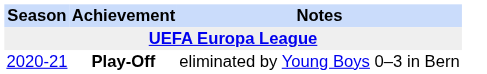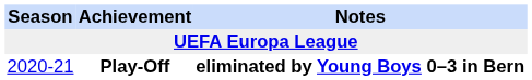 <table class="toccolours" border="0" cellpadding="2" cellspacing="0" align="left" style="margin:0.5em;">
 <tr bgcolor=#cadcfb>
 <th>Season</th>
 <th>Achievement</th>
 <th>Notes</th>
 </tr>
 <tr>
 <th colspan="4" bgcolor=#EFEFEF><a href='#'>UEFA Europa League</a></th>
 </tr>
 <tr>
 <td align="center"><a href='#'>2020-21</a></td>
 <td align="center"><strong>Play-Off</strong></td>
-<td align="left">eliminated by  <a href='#'>Young Boys</a> 0–3 in Bern</td>
+<td align="left"><strong>eliminated by  <a href='#'>Young Boys</a> 0–3 in Bern</strong></td>
 </tr>
 </table>
